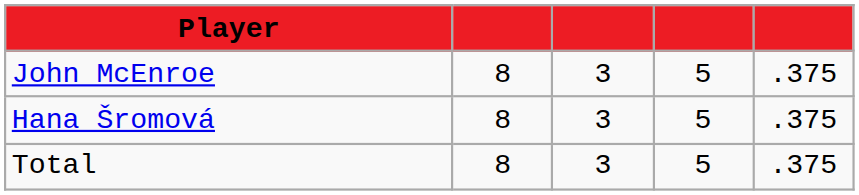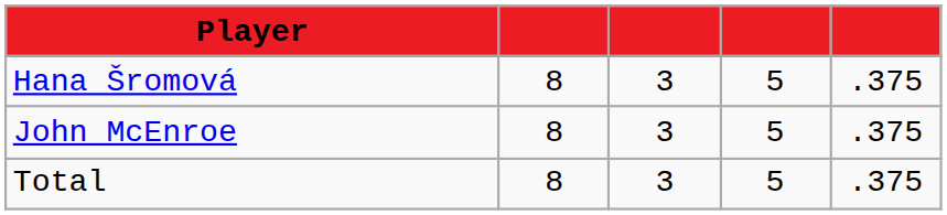 <table class="wikitable" style="text-align:center">
 <tr>
 <th style="background:#ED1C24; color:black" width="200px">Player</th>
 <th style="background:#ED1C24; color:black" width="40px"></th>
 <th style="background:#ED1C24; color:black" width="40px"></th>
 <th style="background:#ED1C24; color:black" width="40px"></th>
 <th style="background:#ED1C24; color:black" width="40px"></th>
 </tr>
 <tr>
-<td style="text-align:left"><a href='#'>John McEnroe</a></td>
+<td style="text-align:left"><a href='#'>Hana Šromová</a></td>
 <td>8</td>
 <td>3</td>
 <td>5</td>
 <td>.375</td>
 </tr>
 <tr>
-<td style="text-align:left"><a href='#'>Hana Šromová</a></td>
+<td style="text-align:left"><a href='#'>John McEnroe</a></td>
 <td>8</td>
 <td>3</td>
 <td>5</td>
 <td>.375</td>
 </tr>
 <tr>
 <td style="text-align:left">Total</td>
 <td>8</td>
 <td>3</td>
 <td>5</td>
 <td>.375</td>
 </tr>
 </table>
